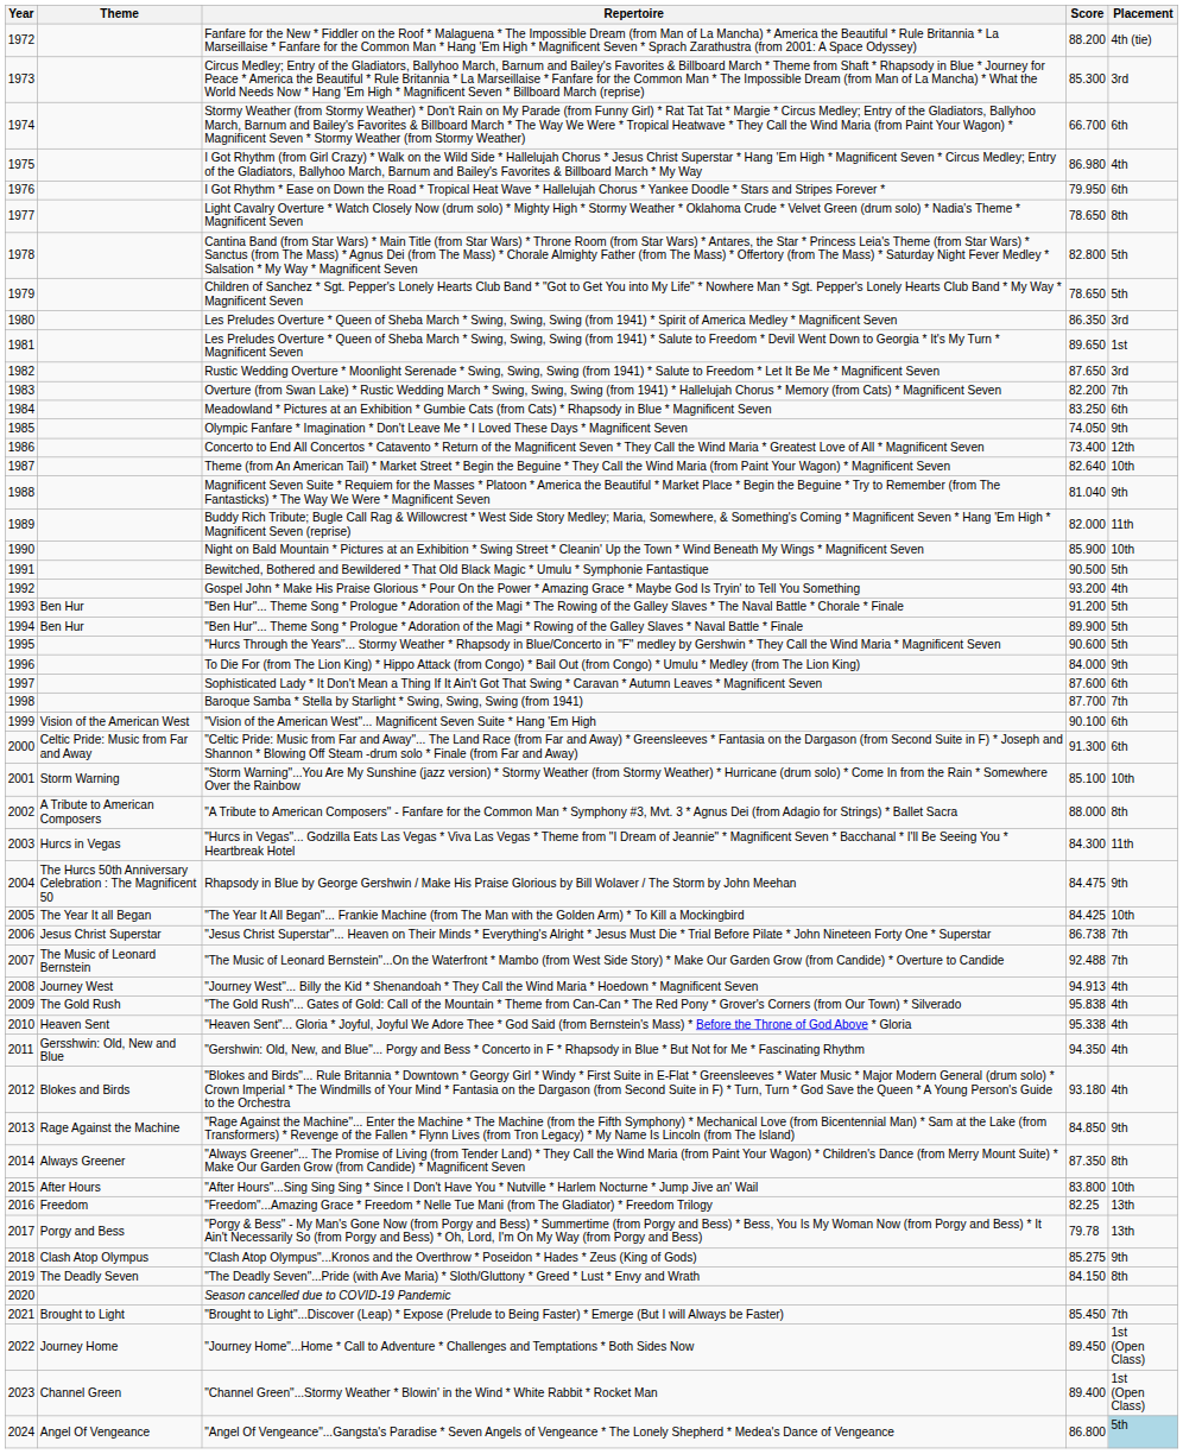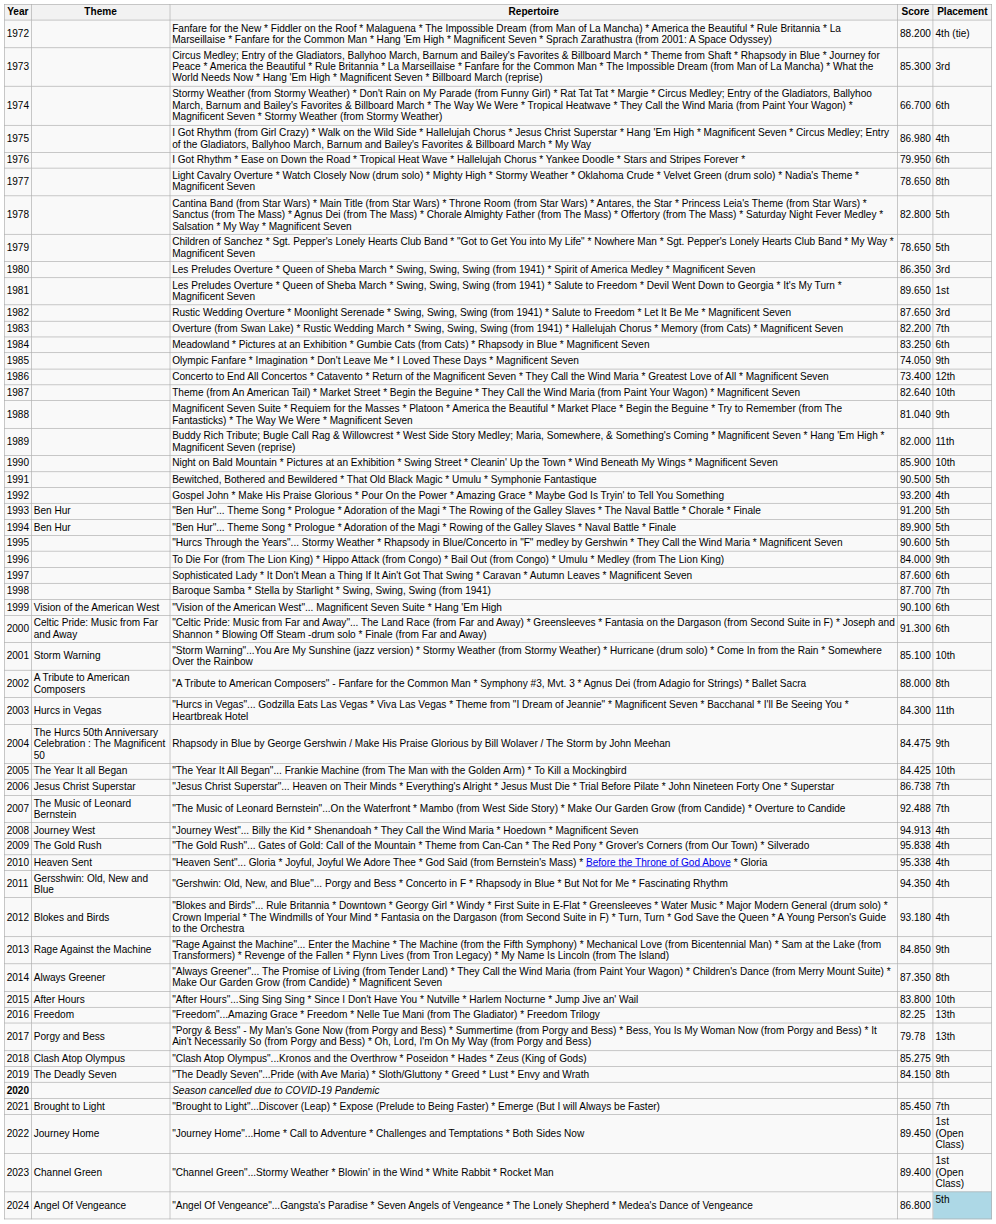 <table class="wikitable">
 <tr>
 <th>Year</th>
 <th>Theme</th>
 <th>Repertoire</th>
 <th>Score</th>
 <th>Placement</th>
 </tr>
 <tr>
 <td>1972</td>
 <td></td>
 <td>Fanfare for the New * Fiddler on the Roof * Malaguena * The Impossible Dream (from Man of La Mancha) * America the Beautiful * Rule Britannia * La Marseillaise * Fanfare for the Common Man * Hang 'Em High * Magnificent Seven * Sprach Zarathustra (from 2001: A Space Odyssey)</td>
 <td>88.200</td>
 <td>4th (tie)</td>
 </tr>
 <tr>
 <td>1973</td>
 <td></td>
 <td>Circus Medley; Entry of the Gladiators, Ballyhoo March, Barnum and Bailey's Favorites & Billboard March * Theme from Shaft * Rhapsody in Blue * Journey for Peace * America the Beautiful * Rule Britannia * La Marseillaise * Fanfare for the Common Man * The Impossible Dream (from Man of La Mancha) * What the World Needs Now * Hang 'Em High * Magnificent Seven * Billboard March (reprise)</td>
 <td>85.300</td>
 <td>3rd</td>
 </tr>
 <tr>
 <td>1974</td>
 <td></td>
 <td>Stormy Weather (from Stormy Weather) * Don't Rain on My Parade (from Funny Girl) * Rat Tat Tat * Margie * Circus Medley; Entry of the Gladiators, Ballyhoo March, Barnum and Bailey's Favorites & Billboard March * The Way We Were * Tropical Heatwave * They Call the Wind Maria (from Paint Your Wagon) * Magnificent Seven * Stormy Weather (from Stormy Weather)</td>
 <td>66.700</td>
 <td>6th</td>
 </tr>
 <tr>
 <td>1975</td>
 <td></td>
 <td>I Got Rhythm (from Girl Crazy) * Walk on the Wild Side * Hallelujah Chorus * Jesus Christ Superstar * Hang 'Em High * Magnificent Seven * Circus Medley; Entry of the Gladiators, Ballyhoo March, Barnum and Bailey's Favorites & Billboard March * My Way</td>
 <td>86.980</td>
 <td>4th</td>
 </tr>
 <tr>
 <td>1976</td>
 <td></td>
 <td>I Got Rhythm * Ease on Down the Road * Tropical Heat Wave * Hallelujah Chorus * Yankee Doodle * Stars and Stripes Forever *</td>
 <td>79.950</td>
 <td>6th</td>
 </tr>
 <tr>
 <td>1977</td>
 <td></td>
 <td>Light Cavalry Overture * Watch Closely Now (drum solo) * Mighty High * Stormy Weather * Oklahoma Crude * Velvet Green (drum solo) * Nadia's Theme * Magnificent Seven</td>
 <td>78.650</td>
 <td>8th</td>
 </tr>
 <tr>
 <td>1978</td>
 <td></td>
 <td>Cantina Band (from Star Wars) * Main Title (from Star Wars) * Throne Room (from Star Wars) * Antares, the Star * Princess Leia's Theme (from Star Wars) * Sanctus (from The Mass) * Agnus Dei (from The Mass) * Chorale Almighty Father (from The Mass) * Offertory (from The Mass) * Saturday Night Fever Medley * Salsation * My Way * Magnificent Seven</td>
 <td>82.800</td>
 <td>5th</td>
 </tr>
 <tr>
 <td>1979</td>
 <td></td>
 <td>Children of Sanchez * Sgt. Pepper's Lonely Hearts Club Band * "Got to Get You into My Life" * Nowhere Man * Sgt. Pepper's Lonely Hearts Club Band * My Way * Magnificent Seven</td>
 <td>78.650</td>
 <td>5th</td>
 </tr>
 <tr>
 <td>1980</td>
 <td></td>
 <td>Les Preludes Overture * Queen of Sheba March * Swing, Swing, Swing (from 1941) * Spirit of America Medley * Magnificent Seven</td>
 <td>86.350</td>
 <td>3rd</td>
 </tr>
 <tr>
 <td>1981</td>
 <td></td>
 <td>Les Preludes Overture * Queen of Sheba March * Swing, Swing, Swing (from 1941) * Salute to Freedom * Devil Went Down to Georgia * It's My Turn * Magnificent Seven</td>
 <td>89.650</td>
 <td>1st</td>
 </tr>
 <tr>
 <td>1982</td>
 <td></td>
 <td>Rustic Wedding Overture * Moonlight Serenade * Swing, Swing, Swing (from 1941) * Salute to Freedom * Let It Be Me * Magnificent Seven</td>
 <td>87.650</td>
 <td>3rd</td>
 </tr>
 <tr>
 <td>1983</td>
 <td></td>
 <td>Overture (from Swan Lake) * Rustic Wedding March * Swing, Swing, Swing (from 1941) * Hallelujah Chorus * Memory (from Cats) * Magnificent Seven</td>
 <td>82.200</td>
 <td>7th</td>
 </tr>
 <tr>
 <td>1984</td>
 <td></td>
 <td>Meadowland * Pictures at an Exhibition * Gumbie Cats (from Cats) * Rhapsody in Blue * Magnificent Seven</td>
 <td>83.250</td>
 <td>6th</td>
 </tr>
 <tr>
 <td>1985</td>
 <td></td>
 <td>Olympic Fanfare * Imagination * Don't Leave Me * I Loved These Days * Magnificent Seven</td>
 <td>74.050</td>
 <td>9th</td>
 </tr>
 <tr>
 <td>1986</td>
 <td></td>
 <td>Concerto to End All Concertos * Catavento * Return of the Magnificent Seven * They Call the Wind Maria * Greatest Love of All * Magnificent Seven</td>
 <td>73.400</td>
 <td>12th</td>
 </tr>
 <tr>
 <td>1987</td>
 <td></td>
 <td>Theme (from An American Tail) * Market Street * Begin the Beguine * They Call the Wind Maria (from Paint Your Wagon) * Magnificent Seven</td>
 <td>82.640</td>
 <td>10th</td>
 </tr>
 <tr>
 <td>1988</td>
 <td></td>
 <td>Magnificent Seven Suite * Requiem for the Masses * Platoon * America the Beautiful * Market Place * Begin the Beguine * Try to Remember (from The Fantasticks) * The Way We Were * Magnificent Seven</td>
 <td>81.040</td>
 <td>9th</td>
 </tr>
 <tr>
 <td>1989</td>
 <td></td>
 <td>Buddy Rich Tribute; Bugle Call Rag & Willowcrest * West Side Story Medley; Maria, Somewhere, & Something's Coming * Magnificent Seven * Hang 'Em High * Magnificent Seven (reprise)</td>
 <td>82.000</td>
 <td>11th</td>
 </tr>
 <tr>
 <td>1990</td>
 <td></td>
 <td>Night on Bald Mountain * Pictures at an Exhibition * Swing Street * Cleanin' Up the Town * Wind Beneath My Wings * Magnificent Seven</td>
 <td>85.900</td>
 <td>10th</td>
 </tr>
 <tr>
 <td>1991</td>
 <td></td>
 <td>Bewitched, Bothered and Bewildered * That Old Black Magic * Umulu * Symphonie Fantastique</td>
 <td>90.500</td>
 <td>5th</td>
 </tr>
 <tr>
 <td>1992</td>
 <td></td>
 <td>Gospel John * Make His Praise Glorious * Pour On the Power * Amazing Grace * Maybe God Is Tryin' to Tell You Something</td>
 <td>93.200</td>
 <td>4th</td>
 </tr>
 <tr>
 <td>1993</td>
 <td>Ben Hur</td>
 <td>"Ben Hur"... Theme Song  * Prologue * Adoration of the Magi * The Rowing of the Galley Slaves * The Naval Battle * Chorale * Finale</td>
 <td>91.200</td>
 <td>5th</td>
 </tr>
 <tr>
 <td>1994</td>
 <td>Ben Hur</td>
 <td>"Ben Hur"... Theme Song * Prologue * Adoration of the Magi * Rowing of the Galley Slaves * Naval Battle * Finale</td>
 <td>89.900</td>
 <td>5th</td>
 </tr>
 <tr>
 <td>1995</td>
 <td></td>
 <td>"Hurcs Through the Years"... Stormy Weather * Rhapsody in Blue/Concerto in "F" medley by Gershwin * They Call the Wind Maria * Magnificent Seven</td>
 <td>90.600</td>
 <td>5th</td>
 </tr>
 <tr>
 <td>1996</td>
 <td></td>
 <td>To Die For (from The Lion King) * Hippo Attack (from Congo) * Bail Out (from Congo) * Umulu * Medley (from The Lion King)</td>
 <td>84.000</td>
 <td>9th</td>
 </tr>
 <tr>
 <td>1997</td>
 <td></td>
 <td>Sophisticated Lady * It Don't Mean a Thing If It Ain't Got That Swing * Caravan * Autumn Leaves * Magnificent Seven</td>
 <td>87.600</td>
 <td>6th</td>
 </tr>
 <tr>
 <td>1998</td>
 <td></td>
 <td>Baroque Samba * Stella by Starlight * Swing, Swing, Swing (from 1941)</td>
 <td>87.700</td>
 <td>7th</td>
 </tr>
 <tr>
 <td>1999</td>
 <td>Vision of the American West</td>
 <td>"Vision of the American West"... Magnificent Seven Suite * Hang 'Em High</td>
 <td>90.100</td>
 <td>6th</td>
 </tr>
 <tr>
 <td>2000</td>
 <td>Celtic Pride: Music from Far and Away</td>
 <td>"Celtic Pride: Music from Far and Away"... The Land Race (from Far and Away) * Greensleeves * Fantasia on the Dargason (from Second Suite in F) * Joseph and Shannon * Blowing Off Steam -drum solo * Finale (from Far and Away)</td>
 <td>91.300</td>
 <td>6th</td>
 </tr>
 <tr>
 <td>2001</td>
 <td>Storm Warning</td>
 <td>"Storm Warning"...You Are My Sunshine (jazz version) * Stormy Weather (from Stormy Weather) * Hurricane (drum solo) * Come In from the Rain * Somewhere Over the Rainbow</td>
 <td>85.100</td>
 <td>10th</td>
 </tr>
 <tr>
 <td>2002</td>
 <td>A Tribute to American Composers</td>
 <td>"A Tribute to American Composers" - Fanfare for the Common Man * Symphony #3, Mvt. 3 * Agnus Dei (from Adagio for Strings) * Ballet Sacra</td>
 <td>88.000</td>
 <td>8th</td>
 </tr>
 <tr>
 <td>2003</td>
 <td>Hurcs in Vegas</td>
 <td>"Hurcs in Vegas"... Godzilla Eats Las Vegas * Viva Las Vegas * Theme from "I Dream of Jeannie" * Magnificent Seven * Bacchanal * I'll Be Seeing You * Heartbreak Hotel</td>
 <td>84.300</td>
 <td>11th</td>
 </tr>
 <tr>
 <td>2004</td>
 <td>The Hurcs 50th Anniversary Celebration : The Magnificent 50</td>
 <td>Rhapsody in Blue by George Gershwin / Make His Praise Glorious by Bill Wolaver / The Storm by John Meehan</td>
 <td>84.475</td>
 <td>9th</td>
 </tr>
 <tr>
 <td>2005</td>
 <td>The Year It all Began</td>
 <td>"The Year It All Began"... Frankie Machine (from The Man with the Golden Arm) * To Kill a Mockingbird</td>
 <td>84.425</td>
 <td>10th</td>
 </tr>
 <tr>
 <td>2006</td>
 <td>Jesus Christ Superstar</td>
 <td>"Jesus Christ Superstar"... Heaven on Their Minds * Everything's Alright * Jesus Must Die * Trial Before Pilate * John Nineteen Forty One * Superstar</td>
 <td>86.738</td>
 <td>7th</td>
 </tr>
 <tr>
 <td>2007</td>
 <td>The Music of Leonard Bernstein</td>
 <td>"The Music of Leonard Bernstein"...On the Waterfront * Mambo (from West Side Story) * Make Our Garden Grow (from Candide) * Overture to Candide</td>
 <td>92.488</td>
 <td>7th</td>
 </tr>
 <tr>
 <td>2008</td>
 <td>Journey West</td>
 <td>"Journey West"... Billy the Kid * Shenandoah * They Call the Wind Maria * Hoedown * Magnificent Seven</td>
 <td>94.913</td>
 <td>4th</td>
 </tr>
 <tr>
 <td>2009</td>
 <td>The Gold Rush</td>
 <td>"The Gold Rush"... Gates of Gold: Call of the Mountain * Theme from Can-Can * The Red Pony * Grover's Corners (from Our Town) * Silverado</td>
 <td>95.838</td>
 <td>4th</td>
 </tr>
 <tr>
 <td>2010</td>
 <td>Heaven Sent</td>
 <td>"Heaven Sent"... Gloria * Joyful, Joyful We Adore Thee * God Said (from Bernstein's Mass) * <a href='#'>Before the Throne of God Above</a> * Gloria</td>
 <td>95.338</td>
 <td>4th</td>
 </tr>
 <tr>
 <td>2011</td>
 <td>Gersshwin: Old, New and Blue</td>
 <td>"Gershwin: Old, New, and Blue"... Porgy and Bess * Concerto in F * Rhapsody in Blue * But Not for Me * Fascinating Rhythm</td>
 <td>94.350</td>
 <td>4th</td>
 </tr>
 <tr>
 <td>2012</td>
 <td>Blokes and Birds</td>
 <td>"Blokes and Birds"... Rule Britannia * Downtown * Georgy Girl * Windy * First Suite in E-Flat * Greensleeves * Water Music * Major Modern General (drum solo) * Crown Imperial * The Windmills of Your Mind * Fantasia on the Dargason (from Second Suite in F) * Turn, Turn * God Save the Queen * A Young Person's Guide to the Orchestra</td>
 <td>93.180</td>
 <td>4th</td>
 </tr>
 <tr>
 <td>2013</td>
 <td>Rage Against the Machine</td>
 <td>"Rage Against the Machine"... Enter the Machine * The Machine (from the Fifth Symphony) * Mechanical Love (from Bicentennial Man) * Sam at the Lake (from Transformers) * Revenge of the Fallen * Flynn Lives (from Tron Legacy) * My Name Is Lincoln (from The Island)</td>
 <td>84.850</td>
 <td>9th</td>
 </tr>
 <tr>
 <td>2014</td>
 <td>Always Greener</td>
 <td>"Always Greener"... The Promise of Living (from Tender Land) * They Call the Wind Maria (from Paint Your Wagon) * Children's Dance (from Merry Mount Suite) * Make Our Garden Grow (from Candide) * Magnificent Seven</td>
 <td>87.350</td>
 <td>8th</td>
 </tr>
 <tr>
 <td>2015</td>
 <td>After Hours</td>
 <td>"After Hours"...Sing Sing Sing * Since I Don't Have You * Nutville * Harlem Nocturne * Jump Jive an' Wail</td>
 <td>83.800</td>
 <td>10th</td>
 </tr>
 <tr>
 <td>2016</td>
 <td>Freedom</td>
 <td>"Freedom"...Amazing Grace * Freedom * Nelle Tue Mani (from The Gladiator) * Freedom Trilogy</td>
 <td>82.25</td>
 <td>13th</td>
 </tr>
 <tr>
 <td>2017</td>
 <td>Porgy and Bess</td>
 <td>"Porgy & Bess" - My Man's Gone Now (from Porgy and Bess) * Summertime (from Porgy and Bess) * Bess, You Is My Woman Now (from Porgy and Bess) * It Ain't Necessarily So (from Porgy and Bess) * Oh, Lord, I'm On My Way (from Porgy and Bess)</td>
 <td>79.78</td>
 <td>13th</td>
 </tr>
 <tr>
 <td>2018</td>
 <td>Clash Atop Olympus</td>
 <td>"Clash Atop Olympus"...Kronos and the Overthrow * Poseidon * Hades * Zeus (King of Gods)</td>
 <td>85.275</td>
 <td>9th</td>
 </tr>
 <tr>
 <td>2019</td>
 <td>The Deadly Seven</td>
 <td>"The Deadly Seven"...Pride (with Ave Maria) * Sloth/Gluttony * Greed * Lust * Envy and Wrath</td>
 <td>84.150</td>
 <td>8th</td>
 </tr>
 <tr>
-<td>2020</td>
+<td><strong>2020</strong></td>
 <td></td>
 <td><em>Season cancelled due to COVID-19 Pandemic</em></td>
 <td></td>
 </tr>
 <tr>
 <td>2021</td>
 <td>Brought to Light</td>
 <td>"Brought to Light"...Discover (Leap) * Expose (Prelude to Being Faster) * Emerge (But I will Always be Faster)</td>
 <td>85.450</td>
 <td>7th</td>
 </tr>
 <tr>
 <td>2022</td>
 <td>Journey Home</td>
 <td>"Journey Home"...Home * Call to Adventure * Challenges and Temptations * Both Sides Now</td>
 <td>89.450</td>
 <td>1st<br>(Open Class)</td>
 </tr>
 <tr>
 <td>2023</td>
 <td>Channel Green</td>
 <td>"Channel Green"...Stormy Weather * Blowin' in the Wind * White Rabbit * Rocket Man</td>
 <td>89.400</td>
 <td>1st<br>(Open Class)</td>
 </tr>
 <tr>
 <td>2024</td>
 <td>Angel Of Vengeance</td>
 <td>"Angel Of Vengeance"...Gangsta's Paradise * Seven Angels of Vengeance * The Lonely Shepherd * Medea's Dance of Vengeance</td>
 <td>86.800</td>
 <td bgcolor="add8e6">5th <br><br></td>
 </tr>
 </table>
